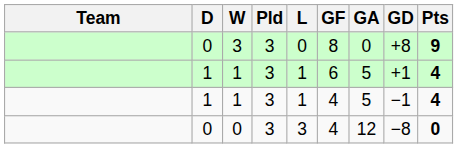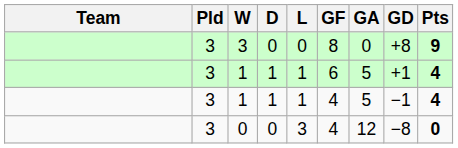 <table class="wikitable" style="text-align: center;">
 <tr>
 <th width=165>Team</th>
+<th width=20>Pld</th>
+<th width=20>W</th>
 <th width=20>D</th>
-<th width=20>W</th>
-<th width=20>Pld</th>
 <th width=20>L</th>
 <th width=20>GF</th>
 <th width=20>GA</th>
 <th width=20>GD</th>
 <th width=20>Pts</th>
 </tr>
 <tr style="background:#cfc;">
 <td style="text-align:left;"></td>
-<td>0</td>
 <td>3</td>
 <td>3</td>
+<td>0</td>
 <td>0</td>
 <td>8</td>
 <td>0</td>
 <td>+8</td>
 <td><strong>9</strong></td>
 </tr>
 <tr style="background:#cfc;">
 <td style="text-align:left;"></td>
+<td>3</td>
 <td>1</td>
 <td>1</td>
-<td>3</td>
 <td>1</td>
 <td>6</td>
 <td>5</td>
 <td>+1</td>
 <td><strong>4</strong></td>
 </tr>
 <tr>
 <td style="text-align:left;"></td>
+<td>3</td>
 <td>1</td>
 <td>1</td>
-<td>3</td>
 <td>1</td>
 <td>4</td>
 <td>5</td>
 <td>−1</td>
 <td><strong>4</strong></td>
 </tr>
 <tr>
 <td style="text-align:left;"></td>
+<td>3</td>
 <td>0</td>
 <td>0</td>
-<td>3</td>
 <td>3</td>
 <td>4</td>
 <td>12</td>
 <td>−8</td>
 <td><strong>0</strong></td>
 </tr>
 </table>
